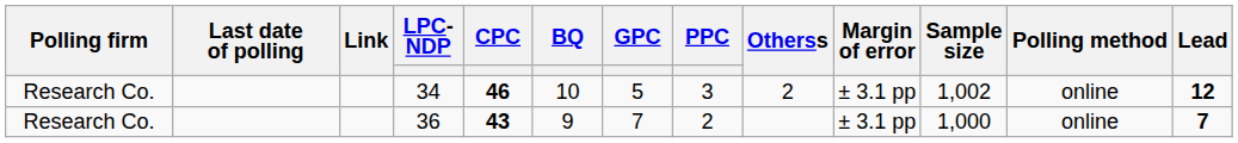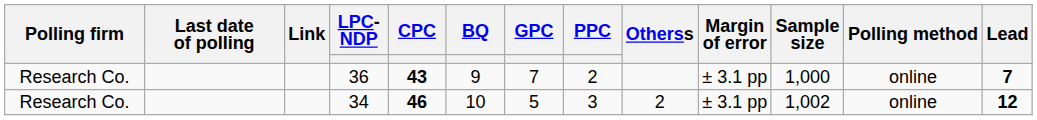 <table class="wikitable sortable mw-datatable" style="text-align:center;font-size:90%;line-height:14px;">
 <tr style="height:40px;">
 <th style="width:105px;" rowspan="2">Polling firm</th>
 <th style="width:105px;" rowspan="2">Last date<br>of polling</th>
 <th rowspan="2">Link</th>
 <th style="width:40px;"><a href='#'>LPC</a>-<a href='#'>NDP</a></th>
 <th style="width:40px;"><a href='#'>CPC</a></th>
 <th style="width:40px;"><a href='#'>BQ</a></th>
 <th style="width:40px;"><a href='#'>GPC</a></th>
 <th style="width:40px;"><a href='#'>PPC</a></th>
 <th rowspan="2" style="width:40px"><a href='#'>Others</a>s</th>
 <th rowspan="2">Margin<br>of error</th>
 <th rowspan="2">Sample<br>size</th>
 <th rowspan="2">Polling method</th>
 <th rowspan="2">Lead</th>
 </tr>
 <tr class="sorttop">
 <th style="background:"></th>
 <th style="background:"></th>
 <th style="background:"></th>
 <th style="background:"></th>
 <th style="background:"></th>
 </tr>
 <tr>
 <td>Research Co.</td>
 <td></td>
 <td></td>
+<td>36</td>
+<td><strong>43</strong></td>
+<td>9</td>
+<td>7</td>
+<td>2</td>
+<td></td>
+<td>± 3.1 pp</td>
+<td>1,000</td>
+<td>online</td>
+<td><strong>7</strong></td>
+</tr>
+<tr>
+<td>Research Co.</td>
+<td></td>
+<td></td>
 <td>34</td>
 <td><strong>46</strong></td>
 <td>10</td>
 <td>5</td>
 <td>3</td>
 <td>2</td>
 <td>± 3.1 pp</td>
 <td>1,002</td>
 <td>online</td>
 <td><strong>12</strong></td>
 </tr>
-<tr>
-<td>Research Co.</td>
-<td></td>
-<td></td>
-<td>36</td>
-<td><strong>43</strong></td>
-<td>9</td>
-<td>7</td>
-<td>2</td>
-<td></td>
-<td>± 3.1 pp</td>
-<td>1,000</td>
-<td>online</td>
-<td><strong>7</strong></td>
-</tr>
 </table>
